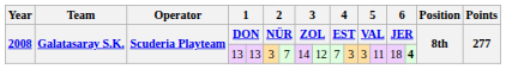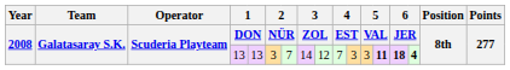 <table class="wikitable" style="text-align:center; font-size:85%">
 <tr>
 <th>Year</th>
 <th>Team</th>
 <th>Operator</th>
 <th colspan=2>1</th>
 <th colspan=2>2</th>
 <th colspan=2>3</th>
 <th colspan=2>4</th>
 <th colspan=2>5</th>
 <th colspan=2>6</th>
 <th>Position</th>
 <th>Points</th>
 </tr>
 <tr>
 <th rowspan=2><a href='#'>2008</a></th>
 <th rowspan=2 nowrap><a href='#'>Galatasaray S.K.</a></th>
 <th rowspan=2 nowrap><a href='#'>Scuderia Playteam</a></th>
 <th colspan=2><a href='#'>DON</a></th>
 <th colspan=2><a href='#'>NÜR</a></th>
 <th colspan=2><a href='#'>ZOL</a></th>
 <th colspan=2><a href='#'>EST</a></th>
 <th colspan=2><a href='#'>VAL</a></th>
 <th colspan=2><a href='#'>JER</a></th>
 <th rowspan=2>8th</th>
 <th rowspan=2>277</th>
 </tr>
 <tr>
 <td style="background:#efcfff;">13</td>
 <td style="background:#efcfff;">13</td>
 <td style="background:#ffdf9f;">3</td>
 <td style="background:#dfffdf;">7</td>
 <td style="background:#efcfff;">14</td>
 <td style="background:#dfffdf;">12</td>
 <td style="background:#dfffdf;">7</td>
 <td style="background:#ffdf9f;">3</td>
 <td style="background:#ffdf9f;">3</td>
-<td style="background:#efcfff;">11</td>
-<td style="background:#efcfff;">18</td>
+<td style="background:#efcfff;"><strong>11</strong></td>
+<td style="background:#efcfff;"><strong>18</strong></td>
 <td style="background:#dfffdf;"><strong>4</strong></td>
 </tr>
 </table>
